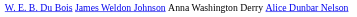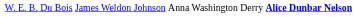 <table>
 <tr>
 <td></td>
 <td></td>
 <td></td>
 <td></td>
 </tr>
 <tr>
 <td><a href='#'>W. E. B. Du Bois</a></td>
 <td><a href='#'>James Weldon Johnson</a></td>
 <td>Anna Washington Derry</td>
-<td><a href='#'>Alice Dunbar Nelson</a></td>
+<td><strong><a href='#'>Alice Dunbar Nelson</a></strong></td>
 </tr>
 <tr>
 </tr>
 </table>
